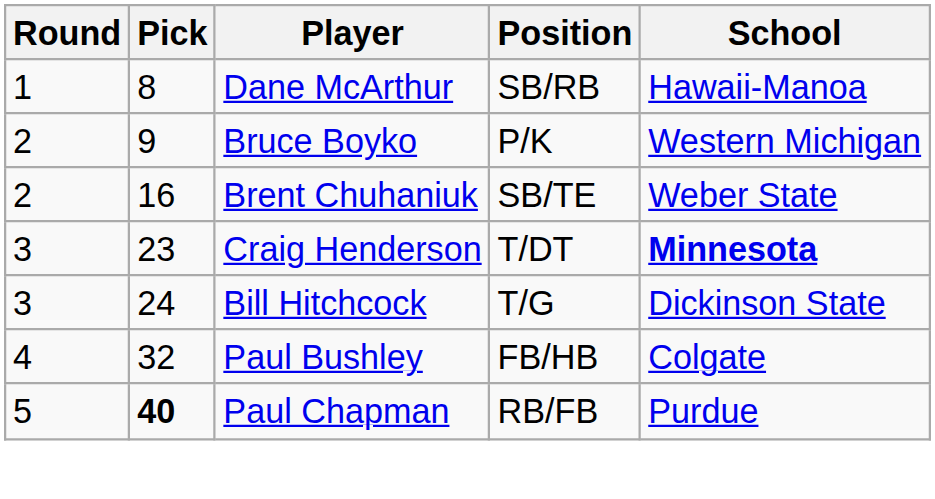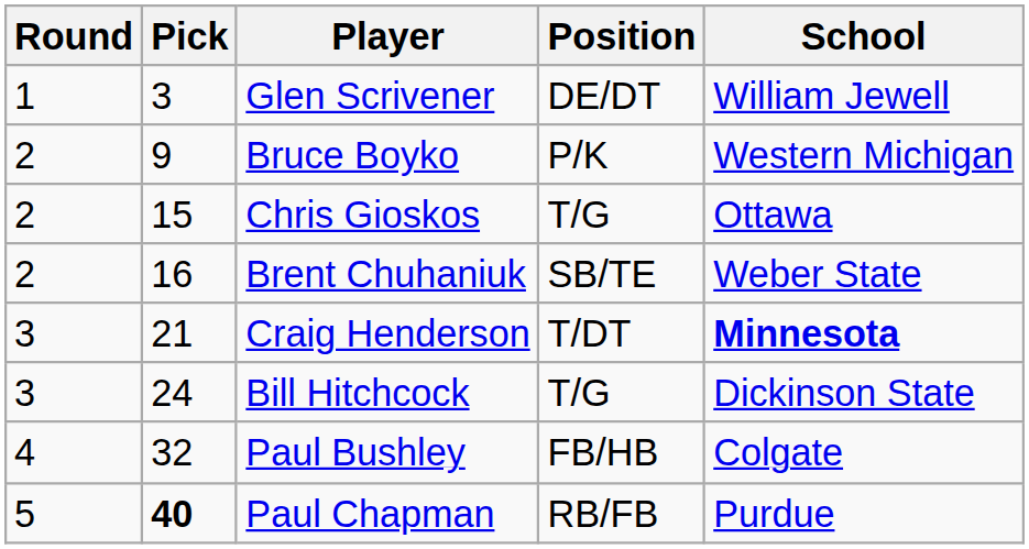 <table class="wikitable" style="font-size: 95%;">
 <tr>
 <th scope="col">Round</th>
 <th scope="col">Pick</th>
 <th scope="col">Player</th>
 <th scope="col">Position</th>
 <th scope="col">School</th>
 </tr>
 <tr>
 <td>1</td>
-<td>8</td>
-<td><a href='#'>Dane McArthur</a></td>
-<td>SB/RB</td>
-<td><a href='#'>Hawaii-Manoa</a></td>
+<td>3</td>
+<td><a href='#'>Glen Scrivener</a></td>
+<td>DE/DT</td>
+<td><a href='#'>William Jewell</a></td>
 </tr>
 <tr>
 <td>2</td>
 <td>9</td>
 <td><a href='#'>Bruce Boyko</a></td>
 <td>P/K</td>
 <td><a href='#'>Western Michigan</a></td>
 </tr>
 <tr>
 <td>2</td>
+<td>15</td>
+<td><a href='#'>Chris Gioskos</a></td>
+<td>T/G</td>
+<td><a href='#'>Ottawa</a></td>
+</tr>
+<tr>
+<td>2</td>
 <td>16</td>
 <td><a href='#'>Brent Chuhaniuk</a></td>
 <td>SB/TE</td>
 <td><a href='#'>Weber State</a></td>
 </tr>
 <tr>
 <td>3</td>
-<td>23</td>
+<td>21</td>
 <td><a href='#'>Craig Henderson</a></td>
 <td>T/DT</td>
 <td><strong><a href='#'>Minnesota</a></strong></td>
 </tr>
 <tr>
 <td>3</td>
 <td>24</td>
 <td><a href='#'>Bill Hitchcock</a></td>
 <td>T/G</td>
 <td><a href='#'>Dickinson State</a></td>
 </tr>
 <tr>
 <td>4</td>
 <td>32</td>
 <td><a href='#'>Paul Bushley</a></td>
 <td>FB/HB</td>
 <td><a href='#'>Colgate</a></td>
 </tr>
 <tr>
 <td>5</td>
 <td><strong>40</strong></td>
 <td><a href='#'>Paul Chapman</a></td>
 <td>RB/FB</td>
 <td><a href='#'>Purdue</a></td>
 </tr>
 </table>
